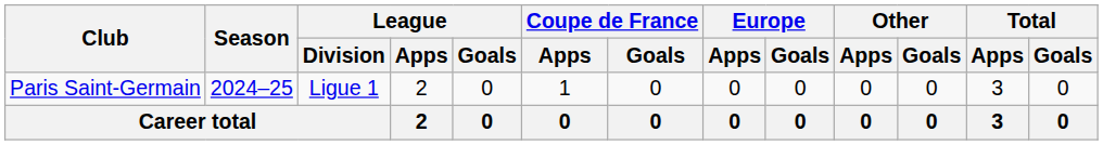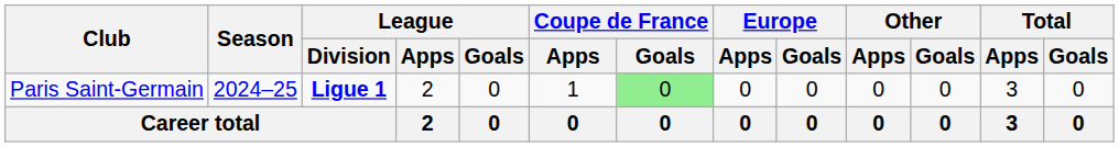 <table class="wikitable" style="text-align: center">
 <tr>
 <th rowspan="2">Club</th>
 <th rowspan="2">Season</th>
 <th colspan="3">League</th>
 <th colspan="2"><a href='#'>Coupe de France</a></th>
 <th colspan="2"><a href='#'>Europe</a></th>
 <th colspan="2">Other</th>
 <th colspan="2">Total</th>
 </tr>
 <tr>
 <th>Division</th>
 <th>Apps</th>
 <th>Goals</th>
 <th>Apps</th>
 <th>Goals</th>
 <th>Apps</th>
 <th>Goals</th>
 <th>Apps</th>
 <th>Goals</th>
 <th>Apps</th>
 <th>Goals</th>
 </tr>
 <tr>
 <td><a href='#'>Paris Saint-Germain</a></td>
 <td><a href='#'>2024–25</a></td>
-<td><a href='#'>Ligue 1</a></td>
+<td><strong><a href='#'>Ligue 1</a></strong></td>
 <td>2</td>
 <td>0</td>
 <td>1</td>
-<td>0</td>
+<td style="background: lightgreen;">0</td>
 <td>0</td>
 <td>0</td>
 <td>0</td>
 <td>0</td>
 <td>3</td>
 <td>0</td>
 </tr>
 <tr>
 <th colspan="3">Career total</th>
 <th>2</th>
 <th>0</th>
 <th>0</th>
 <th>0</th>
 <th>0</th>
 <th>0</th>
 <th>0</th>
 <th>0</th>
 <th>3</th>
 <th>0</th>
 </tr>
 </table>
